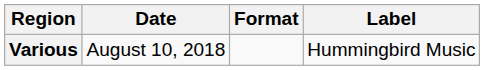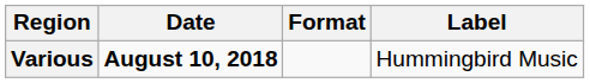 <table class="wikitable plainrowheaders">
 <tr>
 <th scope="col">Region</th>
 <th scope="col">Date</th>
 <th scope="col">Format</th>
 <th scope="col">Label</th>
 </tr>
 <tr>
 <th rowspan="1" scope="row">Various</th>
-<td>August 10, 2018</td>
+<td><strong>August 10, 2018</strong></td>
 <td rowspan="2"></td>
 <td rowspan="2" scope="row">Hummingbird Music</td>
 </tr>
 </table>
